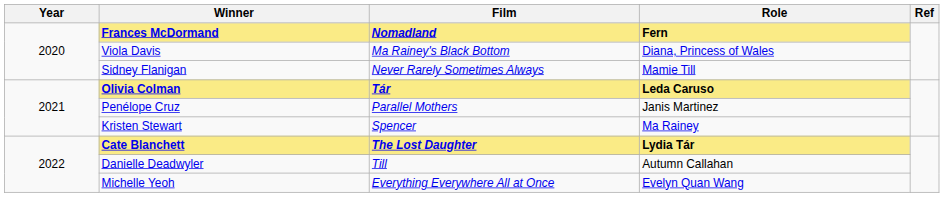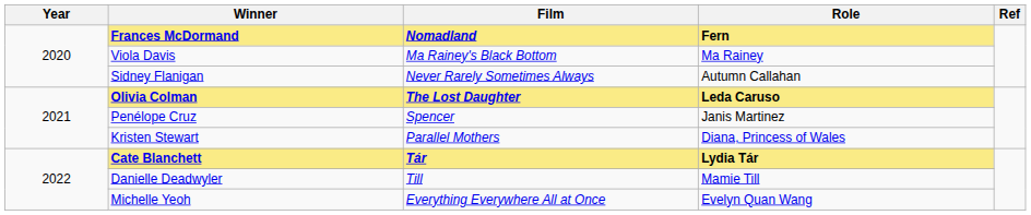 <table class="wikitable" width="100%" cellpadding="5">
 <tr>
 <th width="100"><strong>Year</strong></th>
 <th width="300"><strong>Winner</strong></th>
 <th width="300"><strong>Film</strong></th>
 <th width="300"><strong>Role</strong></th>
 <th width="15"><strong>Ref</strong></th>
 </tr>
 <tr>
 <td rowspan="3" style="text-align:center;">2020</td>
 <td style="background:#FAEB86;"><strong><a href='#'>Frances McDormand</a></strong></td>
 <td style="background:#FAEB86;"><strong><em><a href='#'>Nomadland</a></em></strong></td>
 <td style="background:#FAEB86;"><strong>Fern</strong></td>
 <td rowspan=3></td>
 </tr>
 <tr>
 <td><a href='#'>Viola Davis</a></td>
 <td><em><a href='#'>Ma Rainey's Black Bottom</a></em></td>
-<td><a href='#'>Diana, Princess of Wales</a></td>
+<td><a href='#'>Ma Rainey</a></td>
 </tr>
 <tr>
 <td><a href='#'>Sidney Flanigan</a></td>
 <td><em><a href='#'>Never Rarely Sometimes Always</a></em></td>
-<td><a href='#'>Mamie Till</a></td>
+<td>Autumn Callahan</td>
 </tr>
 <tr>
 <td rowspan="3" style="text-align:center;">2021</td>
 <td style="background:#FAEB86;"><strong><a href='#'>Olivia Colman</a></strong></td>
-<td style="background:#FAEB86;"><strong><em><a href='#'>Tár</a></em></strong></td>
+<td style="background:#FAEB86;"><strong><em><a href='#'>The Lost Daughter</a></em></strong></td>
 <td style="background:#FAEB86;"><strong>Leda Caruso</strong></td>
 <td rowspan=3></td>
 </tr>
 <tr>
 <td><a href='#'>Penélope Cruz</a></td>
-<td><em><a href='#'>Parallel Mothers</a></em></td>
+<td><em><a href='#'>Spencer</a></em></td>
 <td>Janis Martinez</td>
 </tr>
 <tr>
 <td><a href='#'>Kristen Stewart</a></td>
-<td><em><a href='#'>Spencer</a></em></td>
-<td><a href='#'>Ma Rainey</a></td>
+<td><em><a href='#'>Parallel Mothers</a></em></td>
+<td><a href='#'>Diana, Princess of Wales</a></td>
 </tr>
 <tr>
 <td rowspan="3" style="text-align:center;">2022</td>
 <td style="background:#FAEB86;"><strong><a href='#'>Cate Blanchett</a></strong></td>
-<td style="background:#FAEB86;"><strong><em><a href='#'>The Lost Daughter</a></em></strong></td>
+<td style="background:#FAEB86;"><strong><em><a href='#'>Tár</a></em></strong></td>
 <td style="background:#FAEB86;"><strong>Lydia Tár</strong></td>
 <td rowspan=3></td>
 </tr>
 <tr>
 <td><a href='#'>Danielle Deadwyler</a></td>
 <td><em><a href='#'>Till</a></em></td>
-<td>Autumn Callahan</td>
+<td><a href='#'>Mamie Till</a></td>
 </tr>
 <tr>
 <td><a href='#'>Michelle Yeoh</a></td>
 <td><em><a href='#'>Everything Everywhere All at Once</a></em></td>
 <td><a href='#'>Evelyn Quan Wang</a></td>
 </tr>
 </table>
